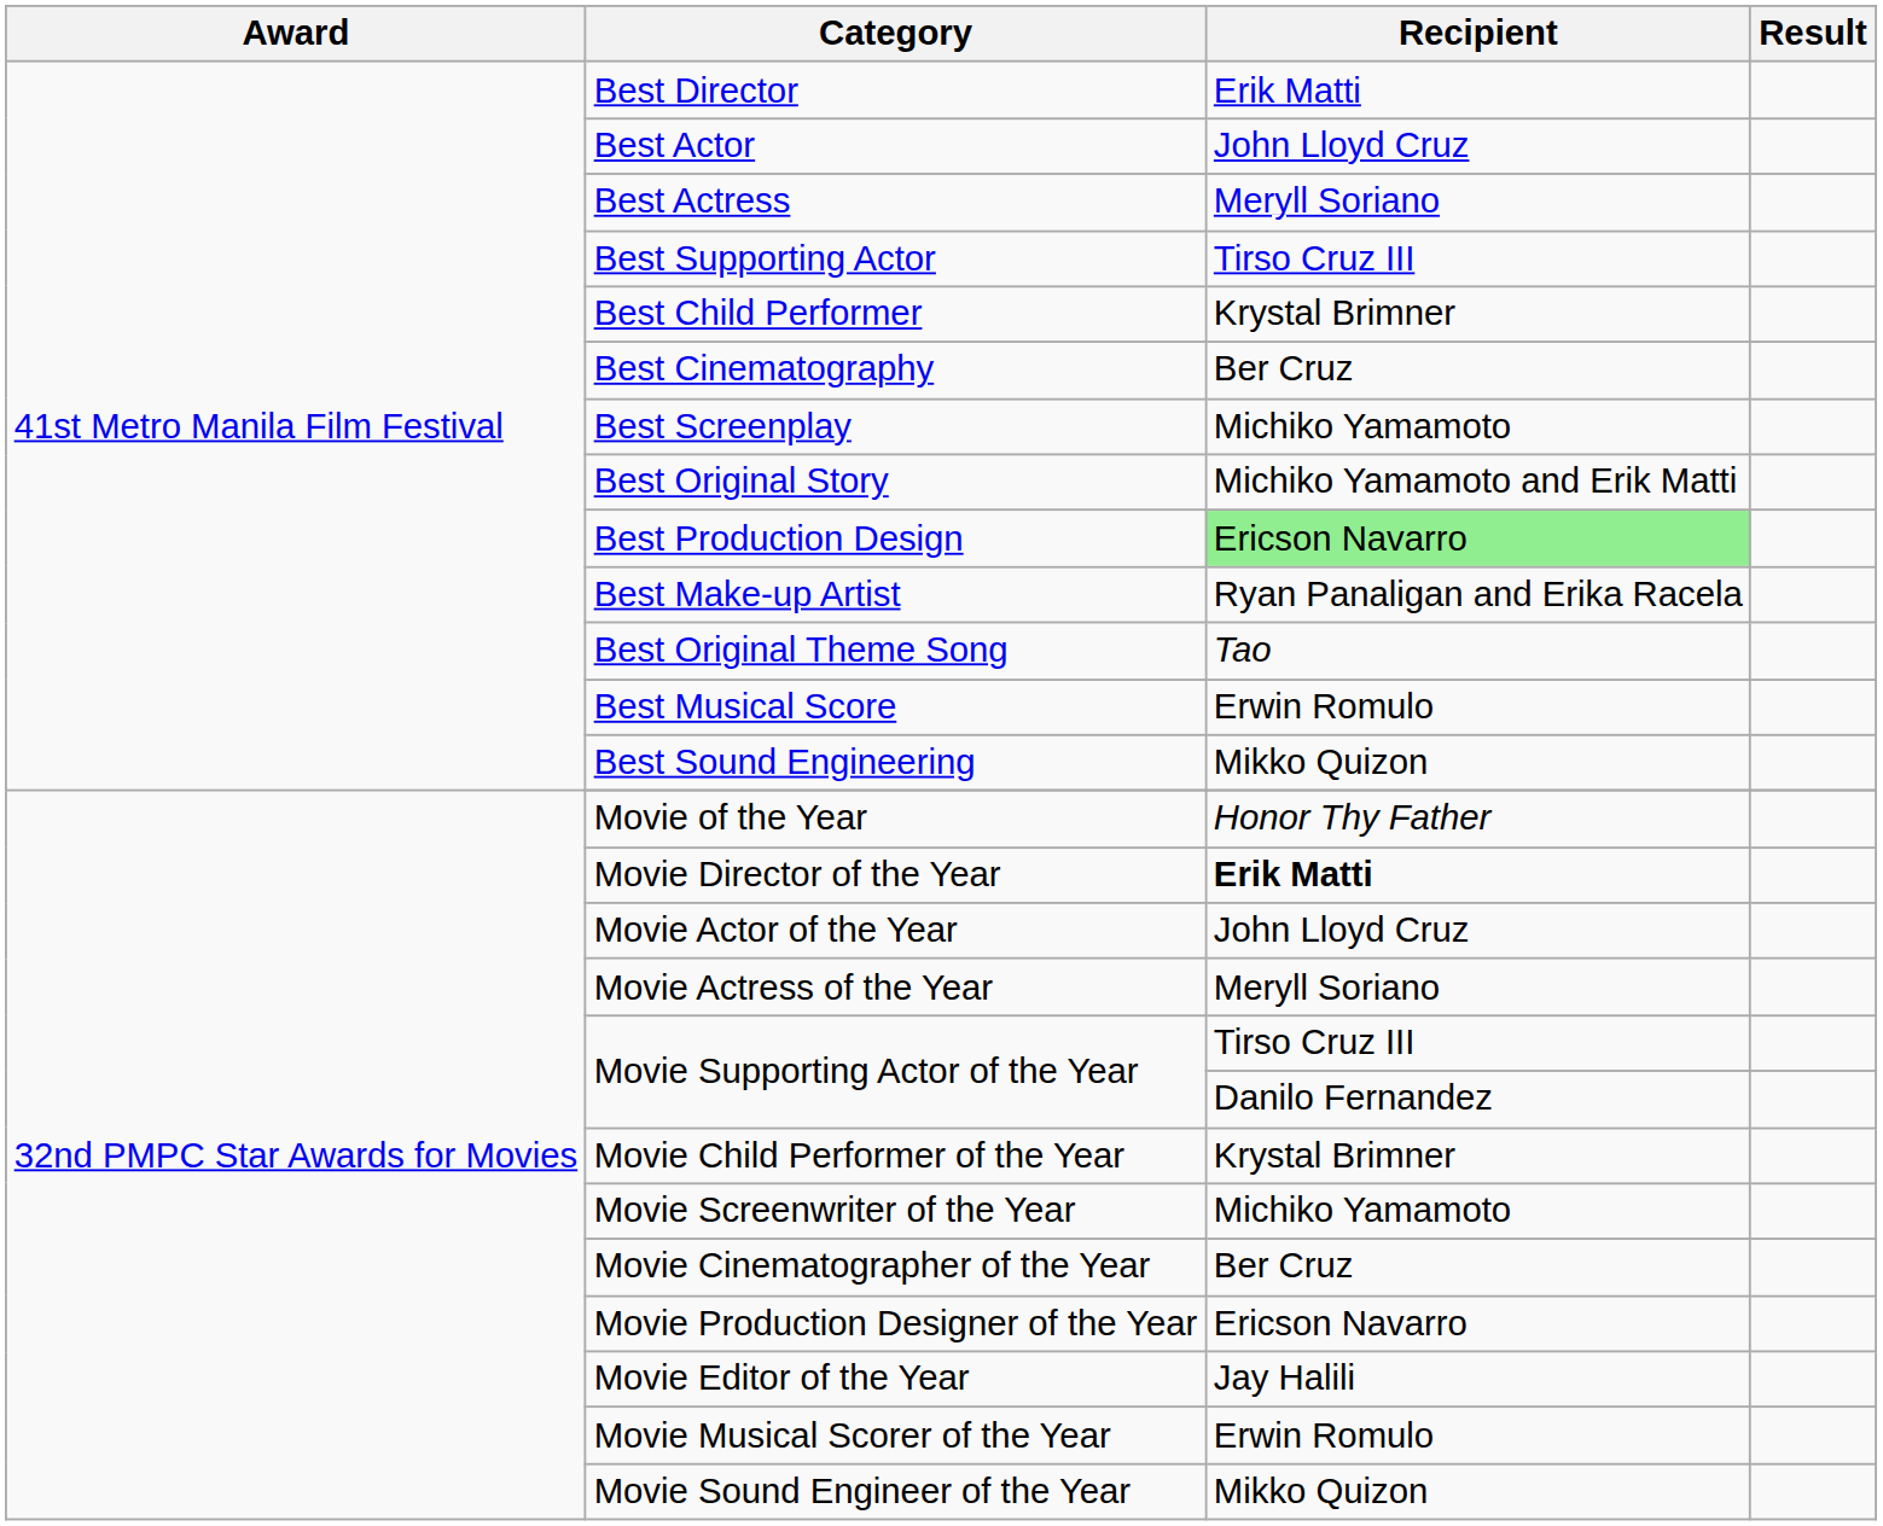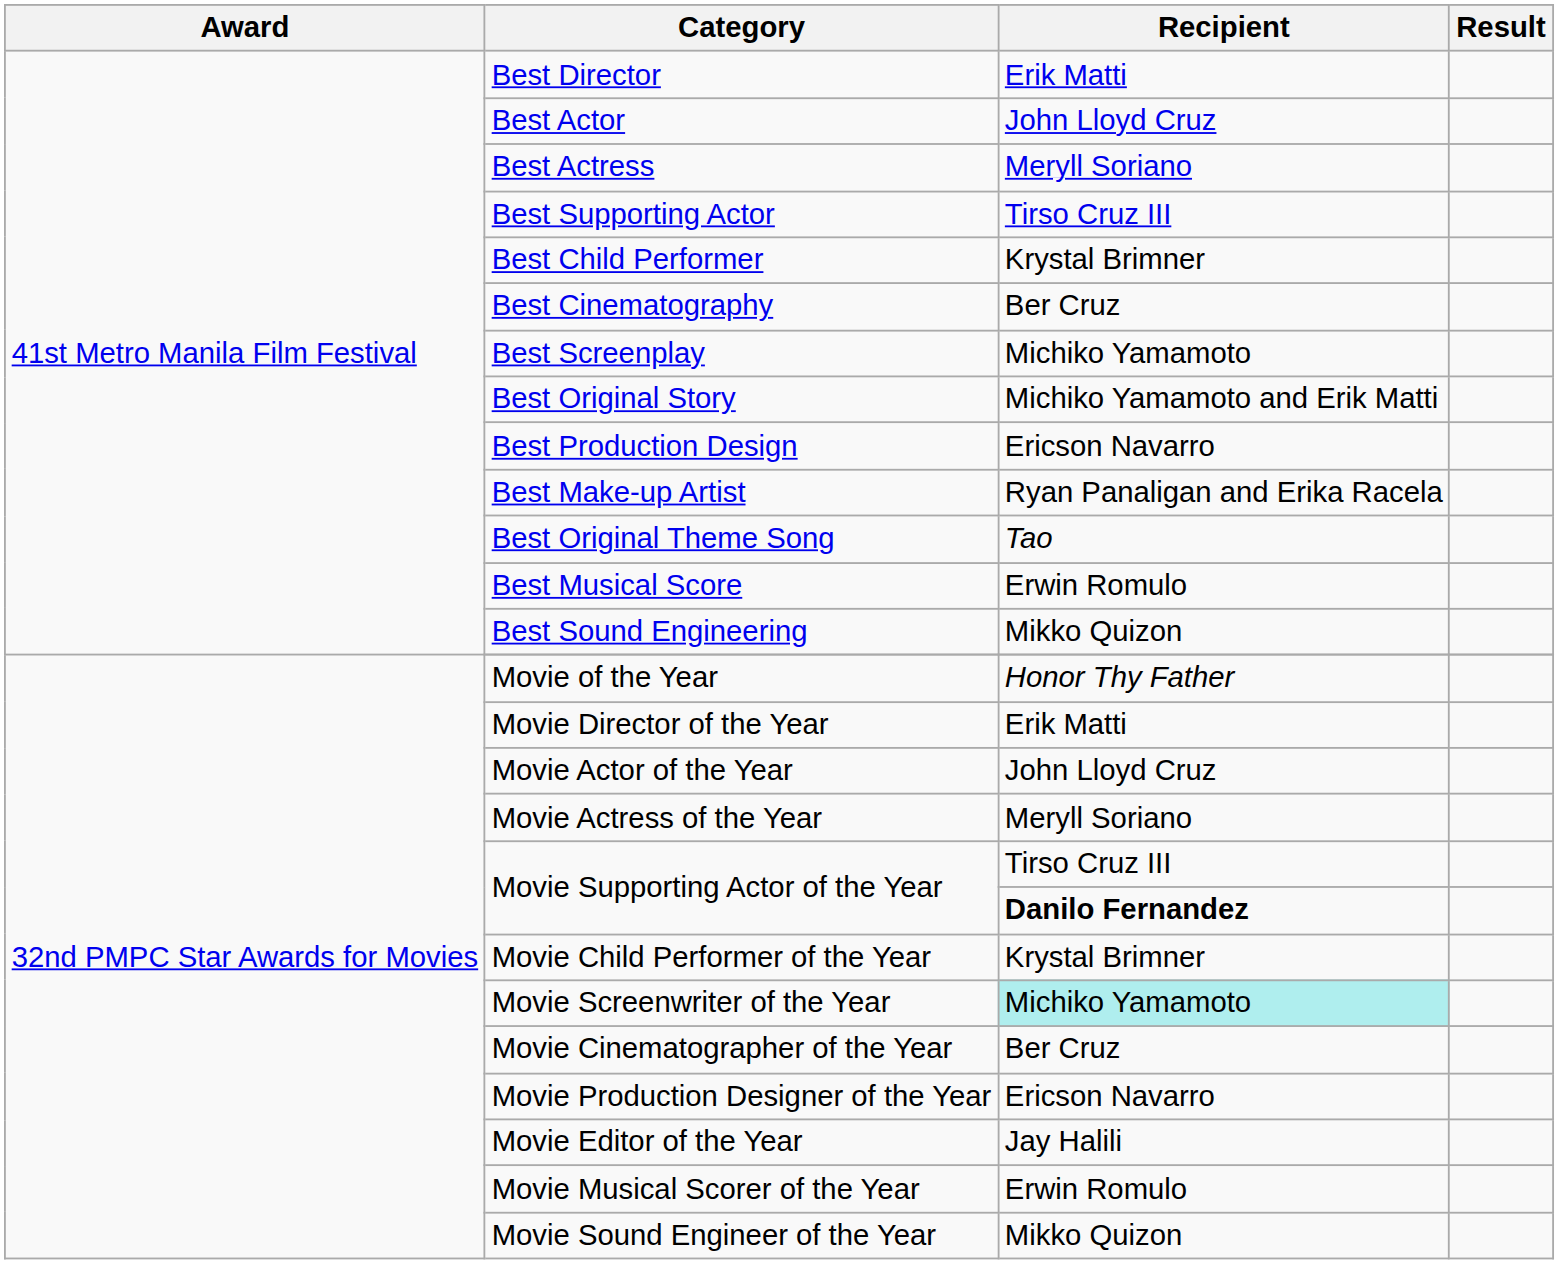 <table class="wikitable">
 <tr>
 <th>Award</th>
 <th>Category</th>
 <th>Recipient</th>
 <th>Result</th>
 </tr>
 <tr>
 <td rowspan="13"><a href='#'>41st Metro Manila Film Festival</a></td>
 <td><a href='#'>Best Director</a></td>
 <td><a href='#'>Erik Matti</a></td>
 <td></td>
 </tr>
 <tr>
 <td><a href='#'>Best Actor</a></td>
 <td><a href='#'>John Lloyd Cruz</a></td>
 <td></td>
 </tr>
 <tr>
 <td><a href='#'>Best Actress</a></td>
 <td><a href='#'>Meryll Soriano</a></td>
 <td></td>
 </tr>
 <tr>
 <td><a href='#'>Best Supporting Actor</a></td>
 <td><a href='#'>Tirso Cruz III</a></td>
 <td></td>
 </tr>
 <tr>
 <td><a href='#'>Best Child Performer</a></td>
 <td>Krystal Brimner</td>
 <td></td>
 </tr>
 <tr>
 <td><a href='#'>Best Cinematography</a></td>
 <td>Ber Cruz</td>
 <td></td>
 </tr>
 <tr>
 <td><a href='#'>Best Screenplay</a></td>
 <td>Michiko Yamamoto</td>
 <td></td>
 </tr>
 <tr>
 <td><a href='#'>Best Original Story</a></td>
 <td>Michiko Yamamoto and Erik Matti</td>
 <td></td>
 </tr>
 <tr>
 <td><a href='#'>Best Production Design</a></td>
-<td style="background: lightgreen;">Ericson Navarro</td>
+<td>Ericson Navarro</td>
 <td></td>
 </tr>
 <tr>
 <td><a href='#'>Best Make-up Artist</a></td>
 <td>Ryan Panaligan and Erika Racela</td>
 <td></td>
 </tr>
 <tr>
 <td><a href='#'>Best Original Theme Song</a></td>
 <td><em>Tao</em></td>
 <td></td>
 </tr>
 <tr>
 <td><a href='#'>Best Musical Score</a></td>
 <td>Erwin Romulo</td>
 <td></td>
 </tr>
 <tr>
 <td><a href='#'>Best Sound Engineering</a></td>
 <td>Mikko Quizon</td>
 <td></td>
 </tr>
 <tr>
 <td rowspan="14"><a href='#'>32nd PMPC Star Awards for Movies</a></td>
 </tr>
 <tr>
 <td>Movie of the Year</td>
 <td><em>Honor Thy Father</em></td>
 <td></td>
 </tr>
 <tr>
 <td>Movie Director of the Year</td>
-<td><strong>Erik Matti</strong></td>
+<td>Erik Matti</td>
 <td></td>
 </tr>
 <tr>
 <td>Movie Actor of the Year</td>
 <td>John Lloyd Cruz</td>
 <td></td>
 </tr>
 <tr>
 <td>Movie Actress of the Year</td>
 <td>Meryll Soriano</td>
 <td></td>
 </tr>
 <tr>
 <td rowspan=2>Movie Supporting Actor of the Year</td>
 <td>Tirso Cruz III</td>
 <td></td>
 </tr>
 <tr>
-<td>Danilo Fernandez</td>
+<td><strong>Danilo Fernandez</strong></td>
 <td></td>
 </tr>
 <tr>
 <td>Movie Child Performer of the Year</td>
 <td>Krystal Brimner</td>
 <td></td>
 </tr>
 <tr>
 <td>Movie Screenwriter of the Year</td>
-<td>Michiko Yamamoto</td>
+<td style="background: paleturquoise;">Michiko Yamamoto</td>
 <td></td>
 </tr>
 <tr>
 <td>Movie Cinematographer of the Year</td>
 <td>Ber Cruz</td>
 <td></td>
 </tr>
 <tr>
 <td>Movie Production Designer of the Year</td>
 <td>Ericson Navarro</td>
 <td></td>
 </tr>
 <tr>
 <td>Movie Editor of the Year</td>
 <td>Jay Halili</td>
 <td></td>
 </tr>
 <tr>
 <td>Movie Musical Scorer of the Year</td>
 <td>Erwin Romulo</td>
 <td></td>
 </tr>
 <tr>
 <td>Movie Sound Engineer of the Year</td>
 <td>Mikko Quizon</td>
 <td></td>
 </tr>
 </table>
